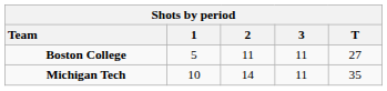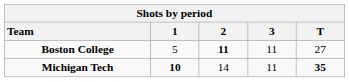 <table class="wikitable" style="width:30em; text-align:right;">
 <tr>
 <th colspan=6>Shots by period</th>
 </tr>
 <tr>
 <th style="width:10em; text-align:left;">Team</th>
 <th style="width:3em;">1</th>
 <th style="width:3em;">2</th>
 <th style="width:3em;">3</th>
 <th style="width:3em;">T</th>
 </tr>
 <tr>
 <td align=center><strong>Boston College</strong></td>
 <td align=center>5</td>
-<td align=center>11</td>
+<td align=center><strong>11</strong></td>
 <td align=center>11</td>
 <td align=center>27</td>
 </tr>
 <tr>
 <td align=center><strong>Michigan Tech</strong></td>
-<td align=center>10</td>
+<td align=center><strong>10</strong></td>
 <td align=center>14</td>
 <td align=center>11</td>
-<td align=center>35</td>
+<td align=center><strong>35</strong></td>
 </tr>
 </table>
